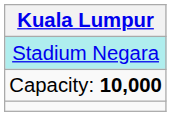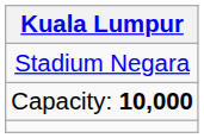 <table class="wikitable" style="text-align:center;">
 <tr>
 <th><a href='#'>Kuala Lumpur</a></th>
 </tr>
 <tr>
-<td style="background: paleturquoise;"><a href='#'>Stadium Negara</a></td>
+<td><a href='#'>Stadium Negara</a></td>
 </tr>
 <tr>
 <td>Capacity: <strong>10,000</strong></td>
 </tr>
 <tr>
 <td></td>
 </tr>
 </table>
